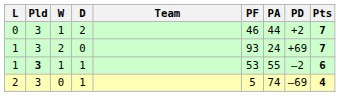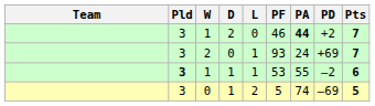 <table class="wikitable" style="text-align:center;">
 <tr>
-<th width=20 abbr="Lost">L</th>
+<th width=175>Team</th>
 <th width=20 abbr="Played">Pld</th>
 <th width=20 abbr="Won">W</th>
 <th width=20 abbr="Drawn">D</th>
-<th width=175>Team</th>
+<th width=20 abbr="Lost">L</th>
 <th width=20 abbr="Points for">PF</th>
 <th width=20 abbr="Points against">PA</th>
 <th width=25 abbr="Points difference">PD</th>
 <th width=20 abbr="Points">Pts</th>
 </tr>
 <tr style="background:#ccffcc">
-<td>0</td>
+<td align=left></td>
 <td>3</td>
 <td>1</td>
 <td>2</td>
-<td align=left></td>
+<td>0</td>
 <td>46</td>
-<td>44</td>
+<td><strong>44</strong></td>
 <td>+2</td>
 <td><strong>7</strong></td>
 </tr>
 <tr style="background:#ccffcc">
-<td>1</td>
+<td align=left></td>
 <td>3</td>
 <td>2</td>
 <td>0</td>
-<td align=left></td>
+<td>1</td>
 <td>93</td>
 <td>24</td>
 <td>+69</td>
 <td><strong>7</strong></td>
 </tr>
 <tr style="background:#ccffcc">
-<td>1</td>
+<td align=left></td>
 <td><strong>3</strong></td>
 <td>1</td>
 <td>1</td>
-<td align=left></td>
+<td>1</td>
 <td>53</td>
 <td>55</td>
 <td>–2</td>
 <td><strong>6</strong></td>
 </tr>
 <tr style="background:#feffb4">
-<td>2</td>
+<td align=left></td>
 <td>3</td>
 <td>0</td>
 <td>1</td>
-<td align=left></td>
+<td>2</td>
 <td>5</td>
 <td>74</td>
 <td>–69</td>
-<td><strong>4</strong></td>
+<td><strong>5</strong></td>
 </tr>
 </table>
